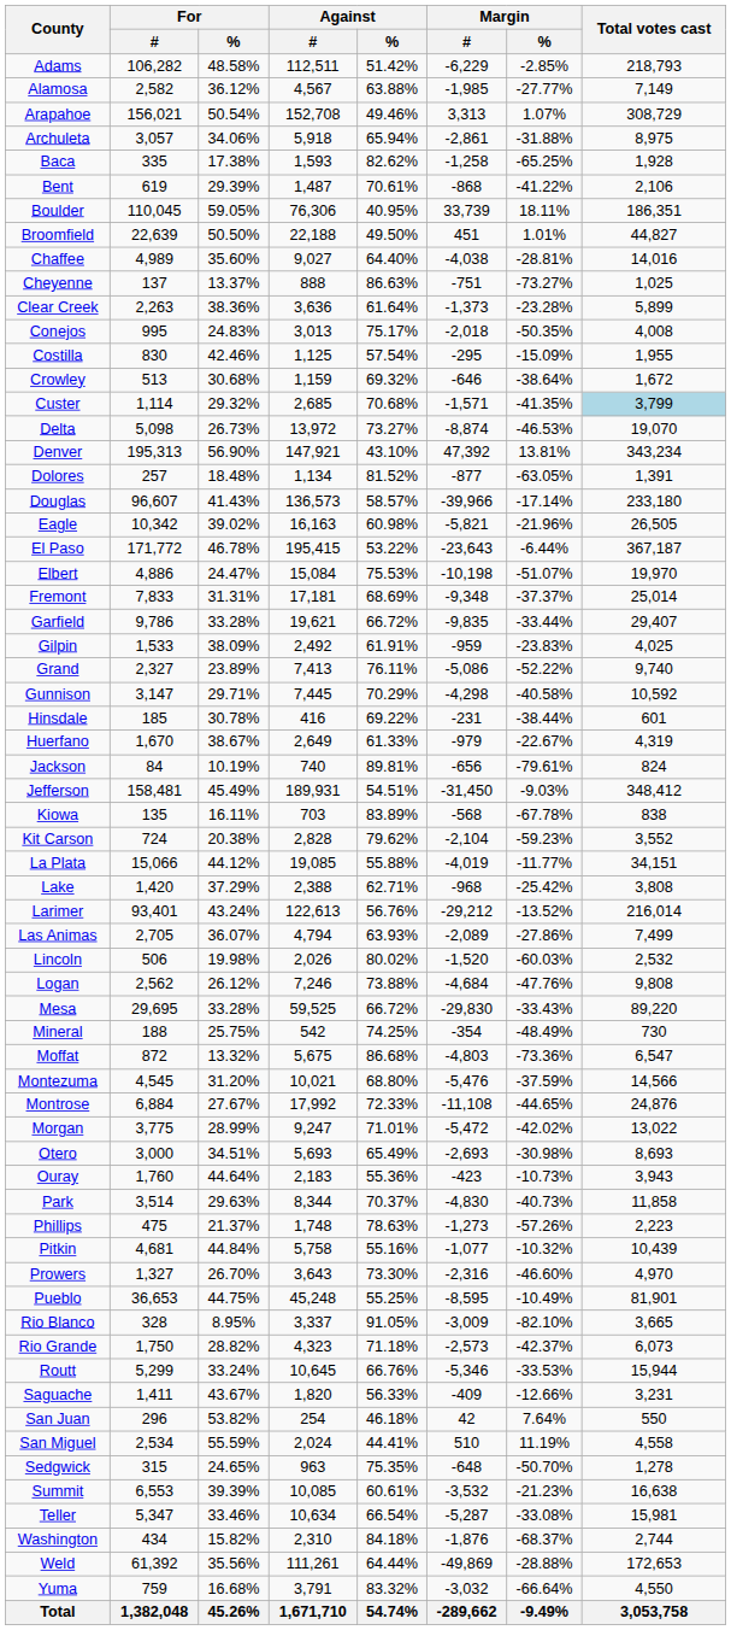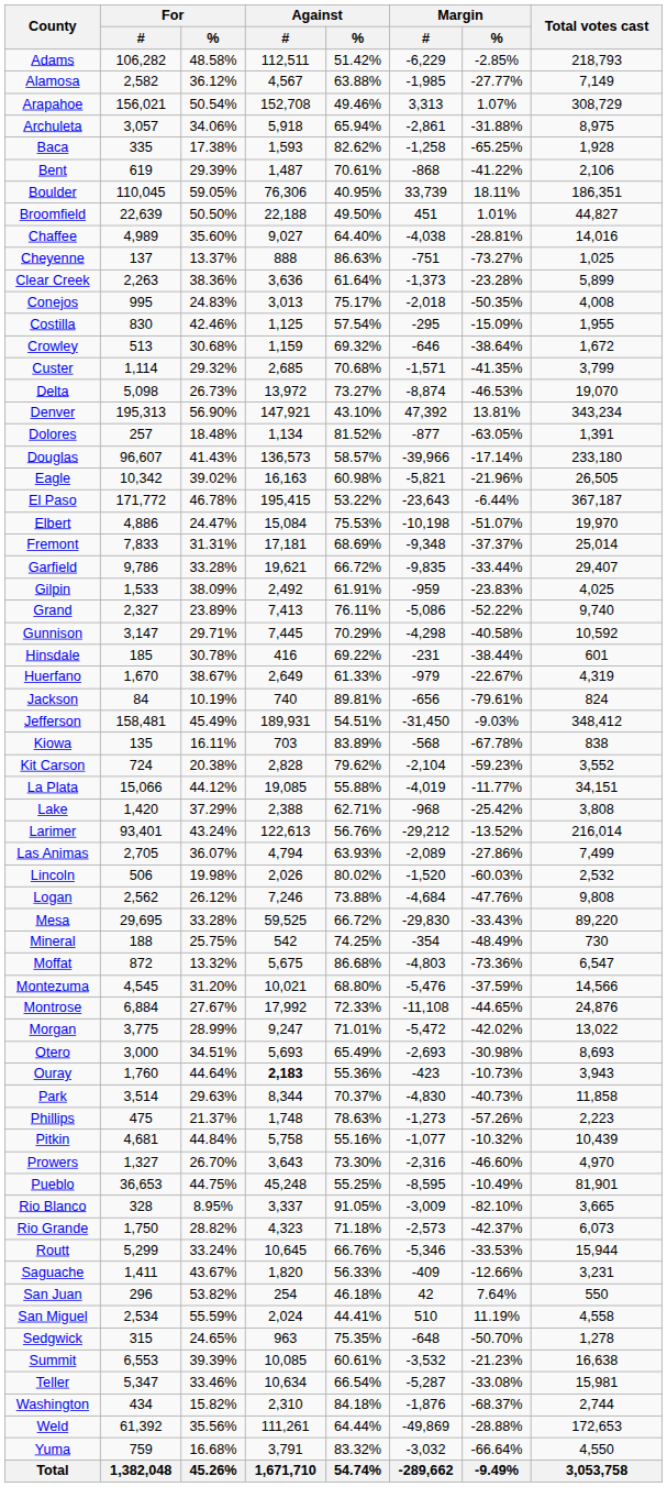 <table width="60%"  class="wikitable sortable" style="text-align:center">
 <tr>
 <th style="text-align:center;" rowspan="2">County</th>
 <th style="text-align:center;" colspan="2">For</th>
 <th style="text-align:center;" colspan="2">Against</th>
 <th style="text-align:center;" colspan="2">Margin</th>
 <th style="text-align:center;" rowspan="2">Total votes cast</th>
 </tr>
 <tr>
 <th style="text-align:center;" data-sort-type="number">#</th>
 <th style="text-align:center;" data-sort-type="number">%</th>
 <th style="text-align:center;" data-sort-type="number">#</th>
 <th style="text-align:center;" data-sort-type="number">%</th>
 <th style="text-align:center;" data-sort-type="number">#</th>
 <th style="text-align:center;" data-sort-type="number">%</th>
 </tr>
 <tr style="text-align:center;">
 <td><a href='#'>Adams</a></td>
 <td>106,282</td>
 <td>48.58%</td>
 <td>112,511</td>
 <td>51.42%</td>
 <td>-6,229</td>
 <td>-2.85%</td>
 <td>218,793</td>
 </tr>
 <tr style="text-align:center;">
 <td><a href='#'>Alamosa</a></td>
 <td>2,582</td>
 <td>36.12%</td>
 <td>4,567</td>
 <td>63.88%</td>
 <td>-1,985</td>
 <td>-27.77%</td>
 <td>7,149</td>
 </tr>
 <tr style="text-align:center;">
 <td><a href='#'>Arapahoe</a></td>
 <td>156,021</td>
 <td>50.54%</td>
 <td>152,708</td>
 <td>49.46%</td>
 <td>3,313</td>
 <td>1.07%</td>
 <td>308,729</td>
 </tr>
 <tr style="text-align:center;">
 <td><a href='#'>Archuleta</a></td>
 <td>3,057</td>
 <td>34.06%</td>
 <td>5,918</td>
 <td>65.94%</td>
 <td>-2,861</td>
 <td>-31.88%</td>
 <td>8,975</td>
 </tr>
 <tr style="text-align:center;">
 <td><a href='#'>Baca</a></td>
 <td>335</td>
 <td>17.38%</td>
 <td>1,593</td>
 <td>82.62%</td>
 <td>-1,258</td>
 <td>-65.25%</td>
 <td>1,928</td>
 </tr>
 <tr style="text-align:center;">
 <td><a href='#'>Bent</a></td>
 <td>619</td>
 <td>29.39%</td>
 <td>1,487</td>
 <td>70.61%</td>
 <td>-868</td>
 <td>-41.22%</td>
 <td>2,106</td>
 </tr>
 <tr style="text-align:center;">
 <td><a href='#'>Boulder</a></td>
 <td>110,045</td>
 <td>59.05%</td>
 <td>76,306</td>
 <td>40.95%</td>
 <td>33,739</td>
 <td>18.11%</td>
 <td>186,351</td>
 </tr>
 <tr style="text-align:center;">
 <td><a href='#'>Broomfield</a></td>
 <td>22,639</td>
 <td>50.50%</td>
 <td>22,188</td>
 <td>49.50%</td>
 <td>451</td>
 <td>1.01%</td>
 <td>44,827</td>
 </tr>
 <tr style="text-align:center;">
 <td><a href='#'>Chaffee</a></td>
 <td>4,989</td>
 <td>35.60%</td>
 <td>9,027</td>
 <td>64.40%</td>
 <td>-4,038</td>
 <td>-28.81%</td>
 <td>14,016</td>
 </tr>
 <tr style="text-align:center;">
 <td><a href='#'>Cheyenne</a></td>
 <td>137</td>
 <td>13.37%</td>
 <td>888</td>
 <td>86.63%</td>
 <td>-751</td>
 <td>-73.27%</td>
 <td>1,025</td>
 </tr>
 <tr style="text-align:center;">
 <td><a href='#'>Clear Creek</a></td>
 <td>2,263</td>
 <td>38.36%</td>
 <td>3,636</td>
 <td>61.64%</td>
 <td>-1,373</td>
 <td>-23.28%</td>
 <td>5,899</td>
 </tr>
 <tr style="text-align:center;">
 <td><a href='#'>Conejos</a></td>
 <td>995</td>
 <td>24.83%</td>
 <td>3,013</td>
 <td>75.17%</td>
 <td>-2,018</td>
 <td>-50.35%</td>
 <td>4,008</td>
 </tr>
 <tr style="text-align:center;">
 <td><a href='#'>Costilla</a></td>
 <td>830</td>
 <td>42.46%</td>
 <td>1,125</td>
 <td>57.54%</td>
 <td>-295</td>
 <td>-15.09%</td>
 <td>1,955</td>
 </tr>
 <tr style="text-align:center;">
 <td><a href='#'>Crowley</a></td>
 <td>513</td>
 <td>30.68%</td>
 <td>1,159</td>
 <td>69.32%</td>
 <td>-646</td>
 <td>-38.64%</td>
 <td>1,672</td>
 </tr>
 <tr style="text-align:center;">
 <td><a href='#'>Custer</a></td>
 <td>1,114</td>
 <td>29.32%</td>
 <td>2,685</td>
 <td>70.68%</td>
 <td>-1,571</td>
 <td>-41.35%</td>
-<td style="background: lightblue;">3,799</td>
+<td>3,799</td>
 </tr>
 <tr style="text-align:center;">
 <td><a href='#'>Delta</a></td>
 <td>5,098</td>
 <td>26.73%</td>
 <td>13,972</td>
 <td>73.27%</td>
 <td>-8,874</td>
 <td>-46.53%</td>
 <td>19,070</td>
 </tr>
 <tr style="text-align:center;">
 <td><a href='#'>Denver</a></td>
 <td>195,313</td>
 <td>56.90%</td>
 <td>147,921</td>
 <td>43.10%</td>
 <td>47,392</td>
 <td>13.81%</td>
 <td>343,234</td>
 </tr>
 <tr style="text-align:center;">
 <td><a href='#'>Dolores</a></td>
 <td>257</td>
 <td>18.48%</td>
 <td>1,134</td>
 <td>81.52%</td>
 <td>-877</td>
 <td>-63.05%</td>
 <td>1,391</td>
 </tr>
 <tr style="text-align:center;">
 <td><a href='#'>Douglas</a></td>
 <td>96,607</td>
 <td>41.43%</td>
 <td>136,573</td>
 <td>58.57%</td>
 <td>-39,966</td>
 <td>-17.14%</td>
 <td>233,180</td>
 </tr>
 <tr style="text-align:center;">
 <td><a href='#'>Eagle</a></td>
 <td>10,342</td>
 <td>39.02%</td>
 <td>16,163</td>
 <td>60.98%</td>
 <td>-5,821</td>
 <td>-21.96%</td>
 <td>26,505</td>
 </tr>
 <tr style="text-align:center;">
 <td><a href='#'>El Paso</a></td>
 <td>171,772</td>
 <td>46.78%</td>
 <td>195,415</td>
 <td>53.22%</td>
 <td>-23,643</td>
 <td>-6.44%</td>
 <td>367,187</td>
 </tr>
 <tr style="text-align:center;">
 <td><a href='#'>Elbert</a></td>
 <td>4,886</td>
 <td>24.47%</td>
 <td>15,084</td>
 <td>75.53%</td>
 <td>-10,198</td>
 <td>-51.07%</td>
 <td>19,970</td>
 </tr>
 <tr style="text-align:center;">
 <td><a href='#'>Fremont</a></td>
 <td>7,833</td>
 <td>31.31%</td>
 <td>17,181</td>
 <td>68.69%</td>
 <td>-9,348</td>
 <td>-37.37%</td>
 <td>25,014</td>
 </tr>
 <tr style="text-align:center;">
 <td><a href='#'>Garfield</a></td>
 <td>9,786</td>
 <td>33.28%</td>
 <td>19,621</td>
 <td>66.72%</td>
 <td>-9,835</td>
 <td>-33.44%</td>
 <td>29,407</td>
 </tr>
 <tr style="text-align:center;">
 <td><a href='#'>Gilpin</a></td>
 <td>1,533</td>
 <td>38.09%</td>
 <td>2,492</td>
 <td>61.91%</td>
 <td>-959</td>
 <td>-23.83%</td>
 <td>4,025</td>
 </tr>
 <tr style="text-align:center;">
 <td><a href='#'>Grand</a></td>
 <td>2,327</td>
 <td>23.89%</td>
 <td>7,413</td>
 <td>76.11%</td>
 <td>-5,086</td>
 <td>-52.22%</td>
 <td>9,740</td>
 </tr>
 <tr style="text-align:center;">
 <td><a href='#'>Gunnison</a></td>
 <td>3,147</td>
 <td>29.71%</td>
 <td>7,445</td>
 <td>70.29%</td>
 <td>-4,298</td>
 <td>-40.58%</td>
 <td>10,592</td>
 </tr>
 <tr style="text-align:center;">
 <td><a href='#'>Hinsdale</a></td>
 <td>185</td>
 <td>30.78%</td>
 <td>416</td>
 <td>69.22%</td>
 <td>-231</td>
 <td>-38.44%</td>
 <td>601</td>
 </tr>
 <tr style="text-align:center;">
 <td><a href='#'>Huerfano</a></td>
 <td>1,670</td>
 <td>38.67%</td>
 <td>2,649</td>
 <td>61.33%</td>
 <td>-979</td>
 <td>-22.67%</td>
 <td>4,319</td>
 </tr>
 <tr style="text-align:center;">
 <td><a href='#'>Jackson</a></td>
 <td>84</td>
 <td>10.19%</td>
 <td>740</td>
 <td>89.81%</td>
 <td>-656</td>
 <td>-79.61%</td>
 <td>824</td>
 </tr>
 <tr style="text-align:center;">
 <td><a href='#'>Jefferson</a></td>
 <td>158,481</td>
 <td>45.49%</td>
 <td>189,931</td>
 <td>54.51%</td>
 <td>-31,450</td>
 <td>-9.03%</td>
 <td>348,412</td>
 </tr>
 <tr style="text-align:center;">
 <td><a href='#'>Kiowa</a></td>
 <td>135</td>
 <td>16.11%</td>
 <td>703</td>
 <td>83.89%</td>
 <td>-568</td>
 <td>-67.78%</td>
 <td>838</td>
 </tr>
 <tr style="text-align:center;">
 <td><a href='#'>Kit Carson</a></td>
 <td>724</td>
 <td>20.38%</td>
 <td>2,828</td>
 <td>79.62%</td>
 <td>-2,104</td>
 <td>-59.23%</td>
 <td>3,552</td>
 </tr>
 <tr style="text-align:center;">
 <td><a href='#'>La Plata</a></td>
 <td>15,066</td>
 <td>44.12%</td>
 <td>19,085</td>
 <td>55.88%</td>
 <td>-4,019</td>
 <td>-11.77%</td>
 <td>34,151</td>
 </tr>
 <tr style="text-align:center;">
 <td><a href='#'>Lake</a></td>
 <td>1,420</td>
 <td>37.29%</td>
 <td>2,388</td>
 <td>62.71%</td>
 <td>-968</td>
 <td>-25.42%</td>
 <td>3,808</td>
 </tr>
 <tr style="text-align:center;">
 <td><a href='#'>Larimer</a></td>
 <td>93,401</td>
 <td>43.24%</td>
 <td>122,613</td>
 <td>56.76%</td>
 <td>-29,212</td>
 <td>-13.52%</td>
 <td>216,014</td>
 </tr>
 <tr style="text-align:center;">
 <td><a href='#'>Las Animas</a></td>
 <td>2,705</td>
 <td>36.07%</td>
 <td>4,794</td>
 <td>63.93%</td>
 <td>-2,089</td>
 <td>-27.86%</td>
 <td>7,499</td>
 </tr>
 <tr style="text-align:center;">
 <td><a href='#'>Lincoln</a></td>
 <td>506</td>
 <td>19.98%</td>
 <td>2,026</td>
 <td>80.02%</td>
 <td>-1,520</td>
 <td>-60.03%</td>
 <td>2,532</td>
 </tr>
 <tr style="text-align:center;">
 <td><a href='#'>Logan</a></td>
 <td>2,562</td>
 <td>26.12%</td>
 <td>7,246</td>
 <td>73.88%</td>
 <td>-4,684</td>
 <td>-47.76%</td>
 <td>9,808</td>
 </tr>
 <tr style="text-align:center;">
 <td><a href='#'>Mesa</a></td>
 <td>29,695</td>
 <td>33.28%</td>
 <td>59,525</td>
 <td>66.72%</td>
 <td>-29,830</td>
 <td>-33.43%</td>
 <td>89,220</td>
 </tr>
 <tr style="text-align:center;">
 <td><a href='#'>Mineral</a></td>
 <td>188</td>
 <td>25.75%</td>
 <td>542</td>
 <td>74.25%</td>
 <td>-354</td>
 <td>-48.49%</td>
 <td>730</td>
 </tr>
 <tr style="text-align:center;">
 <td><a href='#'>Moffat</a></td>
 <td>872</td>
 <td>13.32%</td>
 <td>5,675</td>
 <td>86.68%</td>
 <td>-4,803</td>
 <td>-73.36%</td>
 <td>6,547</td>
 </tr>
 <tr style="text-align:center;">
 <td><a href='#'>Montezuma</a></td>
 <td>4,545</td>
 <td>31.20%</td>
 <td>10,021</td>
 <td>68.80%</td>
 <td>-5,476</td>
 <td>-37.59%</td>
 <td>14,566</td>
 </tr>
 <tr style="text-align:center;">
 <td><a href='#'>Montrose</a></td>
 <td>6,884</td>
 <td>27.67%</td>
 <td>17,992</td>
 <td>72.33%</td>
 <td>-11,108</td>
 <td>-44.65%</td>
 <td>24,876</td>
 </tr>
 <tr style="text-align:center;">
 <td><a href='#'>Morgan</a></td>
 <td>3,775</td>
 <td>28.99%</td>
 <td>9,247</td>
 <td>71.01%</td>
 <td>-5,472</td>
 <td>-42.02%</td>
 <td>13,022</td>
 </tr>
 <tr style="text-align:center;">
 <td><a href='#'>Otero</a></td>
 <td>3,000</td>
 <td>34.51%</td>
 <td>5,693</td>
 <td>65.49%</td>
 <td>-2,693</td>
 <td>-30.98%</td>
 <td>8,693</td>
 </tr>
 <tr style="text-align:center;">
 <td><a href='#'>Ouray</a></td>
 <td>1,760</td>
 <td>44.64%</td>
-<td>2,183</td>
+<td><strong>2,183</strong></td>
 <td>55.36%</td>
 <td>-423</td>
 <td>-10.73%</td>
 <td>3,943</td>
 </tr>
 <tr style="text-align:center;">
 <td><a href='#'>Park</a></td>
 <td>3,514</td>
 <td>29.63%</td>
 <td>8,344</td>
 <td>70.37%</td>
 <td>-4,830</td>
 <td>-40.73%</td>
 <td>11,858</td>
 </tr>
 <tr style="text-align:center;">
 <td><a href='#'>Phillips</a></td>
 <td>475</td>
 <td>21.37%</td>
 <td>1,748</td>
 <td>78.63%</td>
 <td>-1,273</td>
 <td>-57.26%</td>
 <td>2,223</td>
 </tr>
 <tr style="text-align:center;">
 <td><a href='#'>Pitkin</a></td>
 <td>4,681</td>
 <td>44.84%</td>
 <td>5,758</td>
 <td>55.16%</td>
 <td>-1,077</td>
 <td>-10.32%</td>
 <td>10,439</td>
 </tr>
 <tr style="text-align:center;">
 <td><a href='#'>Prowers</a></td>
 <td>1,327</td>
 <td>26.70%</td>
 <td>3,643</td>
 <td>73.30%</td>
 <td>-2,316</td>
 <td>-46.60%</td>
 <td>4,970</td>
 </tr>
 <tr style="text-align:center;">
 <td><a href='#'>Pueblo</a></td>
 <td>36,653</td>
 <td>44.75%</td>
 <td>45,248</td>
 <td>55.25%</td>
 <td>-8,595</td>
 <td>-10.49%</td>
 <td>81,901</td>
 </tr>
 <tr style="text-align:center;">
 <td><a href='#'>Rio Blanco</a></td>
 <td>328</td>
 <td>8.95%</td>
 <td>3,337</td>
 <td>91.05%</td>
 <td>-3,009</td>
 <td>-82.10%</td>
 <td>3,665</td>
 </tr>
 <tr style="text-align:center;">
 <td><a href='#'>Rio Grande</a></td>
 <td>1,750</td>
 <td>28.82%</td>
 <td>4,323</td>
 <td>71.18%</td>
 <td>-2,573</td>
 <td>-42.37%</td>
 <td>6,073</td>
 </tr>
 <tr style="text-align:center;">
 <td><a href='#'>Routt</a></td>
 <td>5,299</td>
 <td>33.24%</td>
 <td>10,645</td>
 <td>66.76%</td>
 <td>-5,346</td>
 <td>-33.53%</td>
 <td>15,944</td>
 </tr>
 <tr style="text-align:center;">
 <td><a href='#'>Saguache</a></td>
 <td>1,411</td>
 <td>43.67%</td>
 <td>1,820</td>
 <td>56.33%</td>
 <td>-409</td>
 <td>-12.66%</td>
 <td>3,231</td>
 </tr>
 <tr style="text-align:center;">
 <td><a href='#'>San Juan</a></td>
 <td>296</td>
 <td>53.82%</td>
 <td>254</td>
 <td>46.18%</td>
 <td>42</td>
 <td>7.64%</td>
 <td>550</td>
 </tr>
 <tr style="text-align:center;">
 <td><a href='#'>San Miguel</a></td>
 <td>2,534</td>
 <td>55.59%</td>
 <td>2,024</td>
 <td>44.41%</td>
 <td>510</td>
 <td>11.19%</td>
 <td>4,558</td>
 </tr>
 <tr style="text-align:center;">
 <td><a href='#'>Sedgwick</a></td>
 <td>315</td>
 <td>24.65%</td>
 <td>963</td>
 <td>75.35%</td>
 <td>-648</td>
 <td>-50.70%</td>
 <td>1,278</td>
 </tr>
 <tr style="text-align:center;">
 <td><a href='#'>Summit</a></td>
 <td>6,553</td>
 <td>39.39%</td>
 <td>10,085</td>
 <td>60.61%</td>
 <td>-3,532</td>
 <td>-21.23%</td>
 <td>16,638</td>
 </tr>
 <tr style="text-align:center;">
 <td><a href='#'>Teller</a></td>
 <td>5,347</td>
 <td>33.46%</td>
 <td>10,634</td>
 <td>66.54%</td>
 <td>-5,287</td>
 <td>-33.08%</td>
 <td>15,981</td>
 </tr>
 <tr style="text-align:center;">
 <td><a href='#'>Washington</a></td>
 <td>434</td>
 <td>15.82%</td>
 <td>2,310</td>
 <td>84.18%</td>
 <td>-1,876</td>
 <td>-68.37%</td>
 <td>2,744</td>
 </tr>
 <tr style="text-align:center;">
 <td><a href='#'>Weld</a></td>
 <td>61,392</td>
 <td>35.56%</td>
 <td>111,261</td>
 <td>64.44%</td>
 <td>-49,869</td>
 <td>-28.88%</td>
 <td>172,653</td>
 </tr>
 <tr style="text-align:center;">
 <td><a href='#'>Yuma</a></td>
 <td>759</td>
 <td>16.68%</td>
 <td>3,791</td>
 <td>83.32%</td>
 <td>-3,032</td>
 <td>-66.64%</td>
 <td>4,550</td>
 </tr>
 <tr>
 <th>Total</th>
 <th>1,382,048</th>
 <th>45.26%</th>
 <th>1,671,710</th>
 <th>54.74%</th>
 <th>-289,662</th>
 <th>-9.49%</th>
 <th>3,053,758</th>
 </tr>
 </table>
